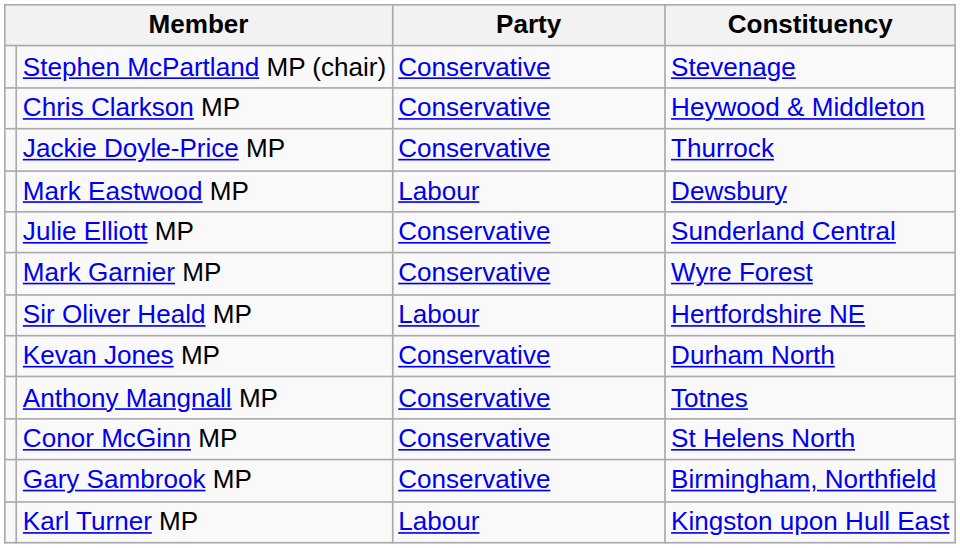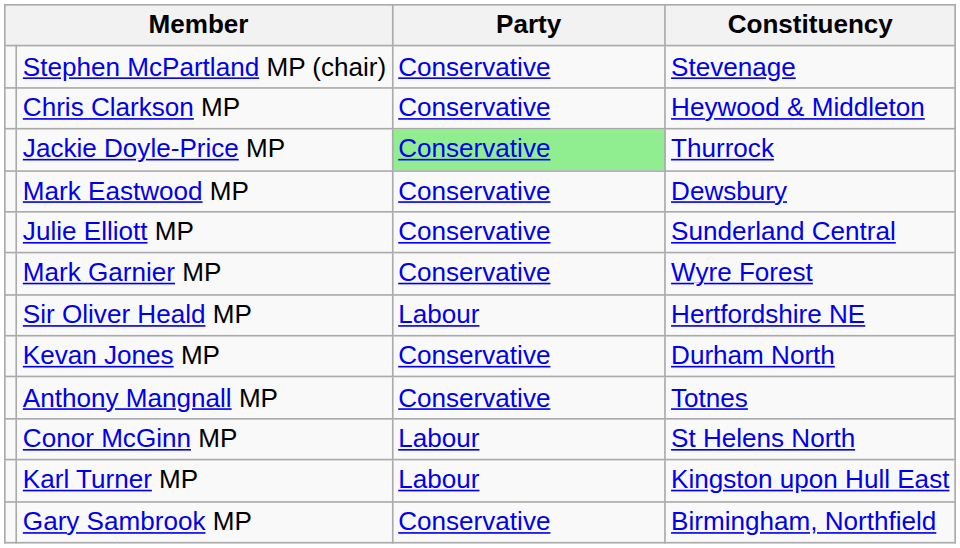 <table class="wikitable">
 <tr>
 <th width="160px" colspan="2" valign="top">Member</th>
 <th width="160px" valign="top">Party</th>
 <th valign="top">Constituency</th>
 </tr>
 <tr>
 <td style="color:inherit;background:"></td>
 <td><a href='#'>Stephen McPartland</a> MP (chair)</td>
 <td><a href='#'>Conservative</a></td>
 <td><a href='#'>Stevenage</a></td>
 </tr>
 <tr>
 <td style="color:inherit;background:"></td>
 <td><a href='#'>Chris Clarkson</a> MP</td>
 <td><a href='#'>Conservative</a></td>
 <td><a href='#'>Heywood & Middleton</a></td>
 </tr>
 <tr>
 <td style="color:inherit;background:"></td>
 <td><a href='#'>Jackie Doyle-Price</a> MP</td>
-<td><a href='#'>Conservative</a></td>
+<td style="background: lightgreen;"><a href='#'>Conservative</a></td>
 <td><a href='#'>Thurrock</a></td>
 </tr>
 <tr>
 <td style="color:inherit;background:"></td>
 <td><a href='#'>Mark Eastwood</a> MP</td>
-<td><a href='#'>Labour</a></td>
+<td><a href='#'>Conservative</a></td>
 <td><a href='#'>Dewsbury</a></td>
 </tr>
 <tr>
 <td style="color:inherit;background:"></td>
 <td><a href='#'>Julie Elliott</a> MP</td>
 <td><a href='#'>Conservative</a></td>
 <td><a href='#'>Sunderland Central</a></td>
 </tr>
 <tr>
 <td style="color:inherit;background:"></td>
 <td><a href='#'>Mark Garnier</a> MP</td>
 <td><a href='#'>Conservative</a></td>
 <td><a href='#'>Wyre Forest</a></td>
 </tr>
 <tr>
 <td style="color:inherit;background:"></td>
 <td><a href='#'>Sir Oliver Heald</a> MP</td>
 <td><a href='#'>Labour</a></td>
 <td><a href='#'>Hertfordshire NE</a></td>
 </tr>
 <tr>
 <td style="color:inherit;background:"></td>
 <td><a href='#'>Kevan Jones</a> MP</td>
 <td><a href='#'>Conservative</a></td>
 <td><a href='#'>Durham North</a></td>
 </tr>
 <tr>
 <td style="color:inherit;background:"></td>
 <td><a href='#'>Anthony Mangnall</a> MP</td>
 <td><a href='#'>Conservative</a></td>
 <td><a href='#'>Totnes</a></td>
 </tr>
 <tr>
 <td style="color:inherit;background:"></td>
 <td><a href='#'>Conor McGinn</a> MP</td>
-<td><a href='#'>Conservative</a></td>
+<td><a href='#'>Labour</a></td>
 <td><a href='#'>St Helens North</a></td>
+</tr>
+<tr>
+<td style="color:inherit;background:"></td>
+<td><a href='#'>Karl Turner</a> MP</td>
+<td><a href='#'>Labour</a></td>
+<td><a href='#'>Kingston upon Hull East</a></td>
 </tr>
 <tr>
 <td style="color:inherit;background:"></td>
 <td><a href='#'>Gary Sambrook</a> MP</td>
 <td><a href='#'>Conservative</a></td>
 <td><a href='#'>Birmingham, Northfield</a></td>
 </tr>
-<tr>
-<td style="color:inherit;background:"></td>
-<td><a href='#'>Karl Turner</a> MP</td>
-<td><a href='#'>Labour</a></td>
-<td><a href='#'>Kingston upon Hull East</a></td>
-</tr>
 </table>
